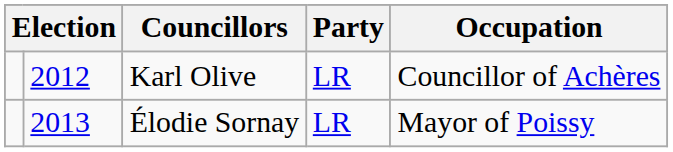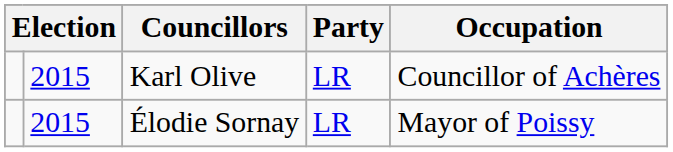 <table class="wikitable">
 <tr>
 <th colspan="2">Election</th>
 <th>Councillors</th>
 <th>Party</th>
 <th>Occupation</th>
 </tr>
 <tr>
 <td style="background-color: "></td>
-<td><a href='#'>2012</a></td>
+<td><a href='#'>2015</a></td>
 <td>Karl Olive</td>
 <td><a href='#'>LR</a></td>
 <td>Councillor of <a href='#'>Achères</a></td>
 </tr>
 <tr>
 <td style="background-color: "></td>
-<td><a href='#'>2013</a></td>
+<td><a href='#'>2015</a></td>
 <td>Élodie Sornay</td>
 <td><a href='#'>LR</a></td>
 <td>Mayor of <a href='#'>Poissy</a></td>
 </tr>
 </table>
